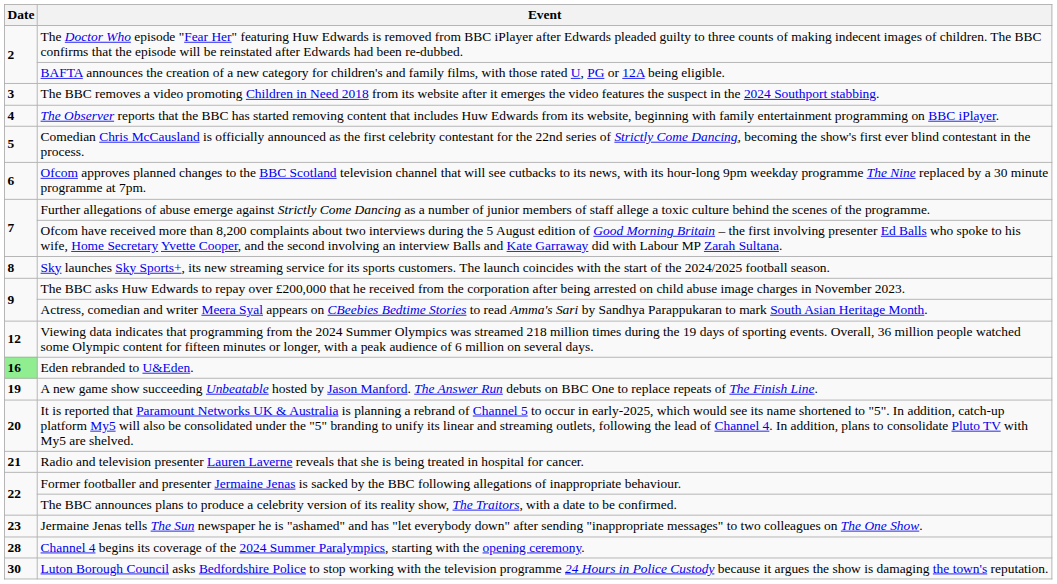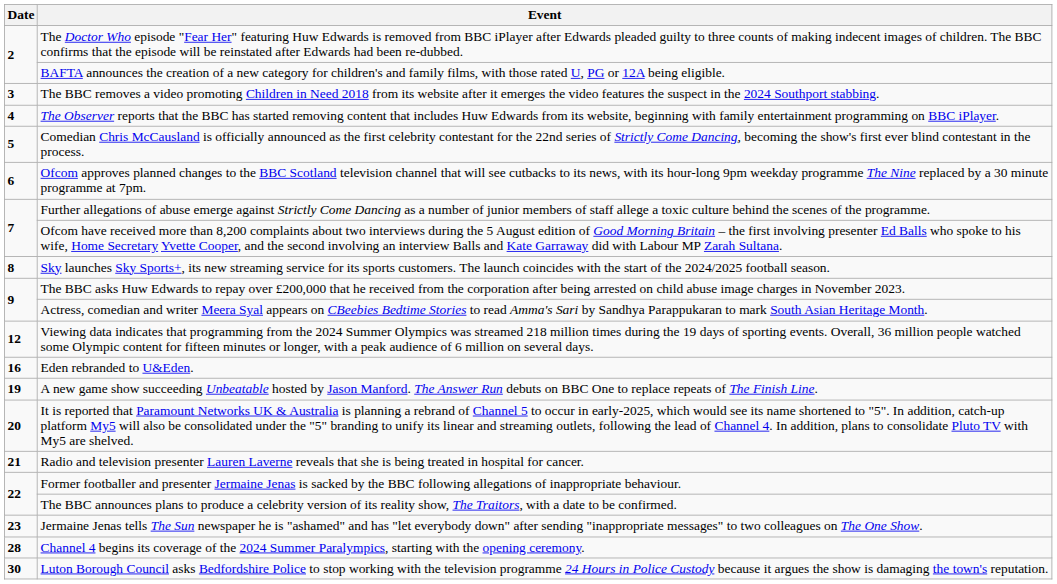 <table class="wikitable">
 <tr>
 <th>Date</th>
 <th>Event</th>
 </tr>
 <tr>
 <td rowspan=2><strong>2</strong></td>
 <td>The <em><a href='#'>Doctor Who</a></em> episode "<a href='#'>Fear Her</a>" featuring Huw Edwards is removed from BBC iPlayer after Edwards pleaded guilty to three counts of making indecent images of children. The BBC confirms that the episode will be reinstated after Edwards had been re-dubbed.</td>
 </tr>
 <tr>
 <td><a href='#'>BAFTA</a> announces the creation of a new category for children's and family films, with those rated <a href='#'>U</a>, <a href='#'>PG</a> or <a href='#'>12A</a> being eligible.</td>
 </tr>
 <tr>
 <td><strong>3</strong></td>
 <td>The BBC removes a video promoting <a href='#'>Children in Need 2018</a> from its website after it emerges the video features the suspect in the <a href='#'>2024 Southport stabbing</a>.</td>
 </tr>
 <tr>
 <td><strong>4</strong></td>
 <td><em><a href='#'>The Observer</a></em> reports that the BBC has started removing content that includes Huw Edwards from its website, beginning with family entertainment programming on <a href='#'>BBC iPlayer</a>.</td>
 </tr>
 <tr>
 <td><strong>5</strong></td>
 <td>Comedian <a href='#'>Chris McCausland</a> is officially announced as the first celebrity contestant for the 22nd series of <em><a href='#'>Strictly Come Dancing</a></em>, becoming the show's first ever blind contestant in the process.</td>
 </tr>
 <tr>
 <td><strong>6</strong></td>
 <td><a href='#'>Ofcom</a> approves planned changes to the <a href='#'>BBC Scotland</a> television channel that will see cutbacks to its news, with its hour-long 9pm weekday programme <em><a href='#'>The Nine</a></em> replaced by a 30 minute programme at 7pm.</td>
 </tr>
 <tr>
 <td rowspan=2><strong>7</strong></td>
 <td>Further allegations of abuse emerge against <em>Strictly Come Dancing</em> as a number of junior members of staff allege a toxic culture behind the scenes of the programme.</td>
 </tr>
 <tr>
 <td>Ofcom have received more than 8,200 complaints about two interviews during the 5 August edition of <em><a href='#'>Good Morning Britain</a></em> – the first involving presenter <a href='#'>Ed Balls</a> who spoke to his wife, <a href='#'>Home Secretary</a> <a href='#'>Yvette Cooper</a>, and the second involving an interview Balls and <a href='#'>Kate Garraway</a> did with Labour MP <a href='#'>Zarah Sultana</a>.</td>
 </tr>
 <tr>
 <td><strong>8</strong></td>
 <td><a href='#'>Sky</a> launches <a href='#'>Sky Sports+</a>, its new streaming service for its sports customers. The launch coincides with the start of the 2024/2025 football season.</td>
 </tr>
 <tr>
 <td rowspan=2><strong>9</strong></td>
 <td>The BBC asks Huw Edwards to repay over £200,000 that he received from the corporation after being arrested on child abuse image charges in November 2023.</td>
 </tr>
 <tr>
 <td>Actress, comedian and writer <a href='#'>Meera Syal</a> appears on <em><a href='#'>CBeebies Bedtime Stories</a></em> to read <em>Amma's Sari</em> by Sandhya Parappukaran to mark <a href='#'>South Asian Heritage Month</a>.</td>
 </tr>
 <tr>
 <td><strong>12</strong></td>
 <td>Viewing data indicates that programming from the 2024 Summer Olympics was streamed 218 million times during the 19 days of sporting events. Overall, 36 million people watched some Olympic content for fifteen minutes or longer, with a peak audience of 6 million on several days.</td>
 </tr>
 <tr>
-<td style="background: lightgreen;"><strong>16</strong></td>
+<td><strong>16</strong></td>
 <td>Eden rebranded to <a href='#'>U&Eden</a>.</td>
 </tr>
 <tr>
 <td><strong>19</strong></td>
 <td>A new game show succeeding <em><a href='#'>Unbeatable</a></em> hosted by <a href='#'>Jason Manford</a>. <em><a href='#'>The Answer Run</a></em> debuts on BBC One to replace repeats of <em><a href='#'>The Finish Line</a></em>.</td>
 </tr>
 <tr>
 <td><strong>20</strong></td>
 <td>It is reported that <a href='#'>Paramount Networks UK & Australia</a> is planning a rebrand of <a href='#'>Channel 5</a> to occur in early-2025, which would see its name shortened to "5". In addition, catch-up platform <a href='#'>My5</a> will also be consolidated under the "5" branding to unify its linear and streaming outlets, following the lead of <a href='#'>Channel 4</a>. In addition, plans to consolidate <a href='#'>Pluto TV</a> with My5 are shelved.</td>
 </tr>
 <tr>
 <td><strong>21</strong></td>
 <td>Radio and television presenter <a href='#'>Lauren Laverne</a> reveals that she is being treated in hospital for cancer.</td>
 </tr>
 <tr>
 <td rowspan=2><strong>22</strong></td>
 <td>Former footballer and presenter <a href='#'>Jermaine Jenas</a> is sacked by the BBC following allegations of inappropriate behaviour.</td>
 </tr>
 <tr>
 <td>The BBC announces plans to produce a celebrity version of its reality show, <em><a href='#'>The Traitors</a></em>, with a date to be confirmed.</td>
 </tr>
 <tr>
 <td><strong>23</strong></td>
 <td>Jermaine Jenas tells <em><a href='#'>The Sun</a></em> newspaper he is "ashamed" and has "let everybody down" after sending "inappropriate messages" to two colleagues on <em><a href='#'>The One Show</a></em>.</td>
 </tr>
 <tr>
 <td><strong>28</strong></td>
 <td><a href='#'>Channel 4</a> begins its coverage of the <a href='#'>2024 Summer Paralympics</a>, starting with the <a href='#'>opening ceremony</a>.</td>
 </tr>
 <tr>
 <td><strong>30</strong></td>
 <td><a href='#'>Luton Borough Council</a> asks <a href='#'>Bedfordshire Police</a> to stop working with the television programme <em><a href='#'>24 Hours in Police Custody</a></em> because it argues the show is damaging <a href='#'>the town's</a> reputation.</td>
 </tr>
 </table>
